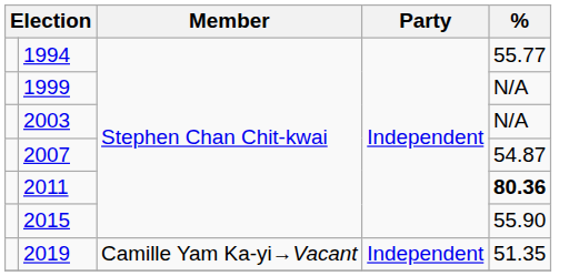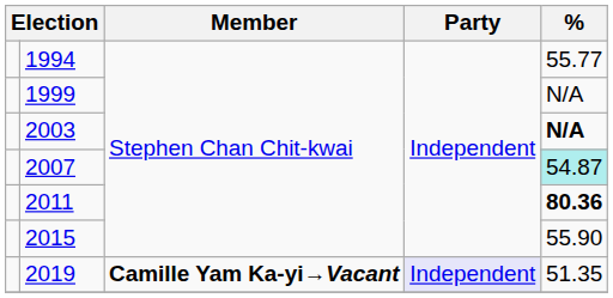 <table class="wikitable">
 <tr>
 <th colspan="2">Election</th>
 <th>Member</th>
 <th>Party</th>
 <th>%</th>
 </tr>
 <tr>
 <td style="background-color: "></td>
 <td><a href='#'>1994</a></td>
 <td rowspan=6><a href='#'>Stephen Chan Chit-kwai</a></td>
 <td rowspan=6><a href='#'>Independent</a></td>
 <td>55.77</td>
 </tr>
 <tr>
 <td style="background-color: "></td>
 <td><a href='#'>1999</a></td>
 <td>N/A</td>
 </tr>
 <tr>
 <td style="background-color: "></td>
 <td><a href='#'>2003</a></td>
-<td>N/A</td>
+<td><strong>N/A</strong></td>
 </tr>
 <tr>
 <td style="background-color: "></td>
 <td><a href='#'>2007</a></td>
-<td>54.87</td>
+<td style="background: paleturquoise;">54.87</td>
 </tr>
 <tr>
 <td style="background-color: "></td>
 <td><a href='#'>2011</a></td>
 <td><strong>80.36</strong></td>
 </tr>
 <tr>
 <td style="background-color: "></td>
 <td><a href='#'>2015</a></td>
 <td>55.90</td>
 </tr>
 <tr>
 <td style="background-color: "></td>
 <td><a href='#'>2019</a></td>
-<td>Camille Yam Ka-yi→<em>Vacant</em></td>
-<td><a href='#'>Independent</a></td>
+<td><strong>Camille Yam Ka-yi→<em>Vacant</em></strong></td>
+<td style="background: lavender;"><a href='#'>Independent</a></td>
 <td>51.35</td>
 </tr>
 <tr>
 </tr>
 </table>
